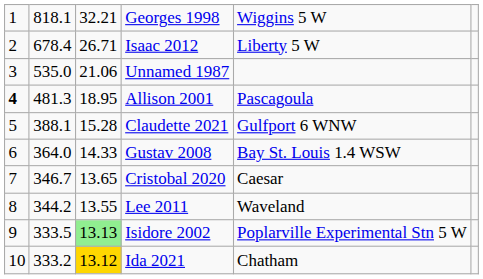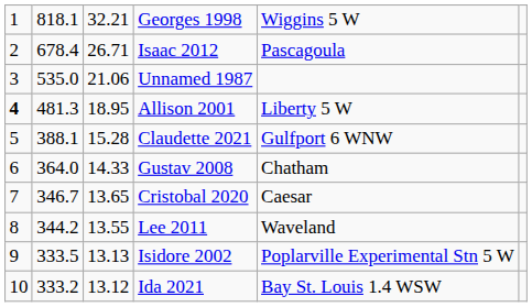 <table class="wikitable">
 <tr>
 <td>1</td>
 <td>818.1</td>
 <td>32.21</td>
 <td><a href='#'>Georges 1998</a></td>
 <td><a href='#'>Wiggins</a> 5 W</td>
 <td></td>
 </tr>
 <tr>
 <td>2</td>
 <td>678.4</td>
 <td>26.71</td>
 <td><a href='#'>Isaac 2012</a></td>
-<td><a href='#'>Liberty</a> 5 W</td>
+<td><a href='#'>Pascagoula</a></td>
 <td></td>
 </tr>
 <tr>
 <td>3</td>
 <td>535.0</td>
 <td>21.06</td>
 <td><a href='#'>Unnamed 1987</a></td>
 <td></td>
 <td></td>
 </tr>
 <tr>
 <td><strong>4</strong></td>
 <td>481.3</td>
 <td>18.95</td>
 <td><a href='#'>Allison 2001</a></td>
-<td><a href='#'>Pascagoula</a></td>
+<td><a href='#'>Liberty</a> 5 W</td>
 <td></td>
 </tr>
 <tr>
 <td>5</td>
 <td>388.1</td>
 <td>15.28</td>
 <td><a href='#'>Claudette 2021</a></td>
 <td><a href='#'>Gulfport</a> 6 WNW</td>
 <td></td>
 </tr>
 <tr>
 <td>6</td>
 <td>364.0</td>
 <td>14.33</td>
 <td><a href='#'>Gustav 2008</a></td>
-<td><a href='#'>Bay St. Louis</a> 1.4 WSW</td>
+<td>Chatham</td>
 <td></td>
 </tr>
 <tr>
 <td>7</td>
 <td>346.7</td>
 <td>13.65</td>
 <td><a href='#'>Cristobal 2020</a></td>
 <td>Caesar</td>
 <td></td>
 </tr>
 <tr>
 <td>8</td>
 <td>344.2</td>
 <td>13.55</td>
 <td><a href='#'>Lee 2011</a></td>
 <td>Waveland</td>
 <td></td>
 </tr>
 <tr>
 <td>9</td>
 <td>333.5</td>
-<td style="background: lightgreen;">13.13</td>
+<td>13.13</td>
 <td><a href='#'>Isidore 2002</a></td>
 <td><a href='#'>Poplarville Experimental Stn</a> 5 W</td>
 <td></td>
 </tr>
 <tr>
 <td>10</td>
 <td>333.2</td>
-<td style="background: gold;">13.12</td>
+<td>13.12</td>
 <td><a href='#'>Ida 2021</a></td>
-<td>Chatham</td>
+<td><a href='#'>Bay St. Louis</a> 1.4 WSW</td>
 <td></td>
 </tr>
 </table>
